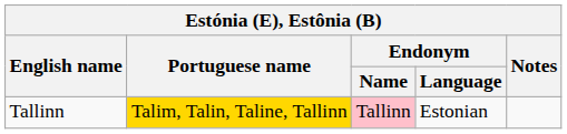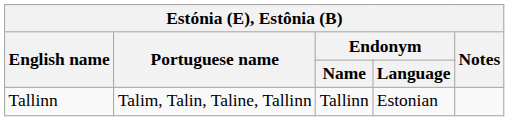 <table class="wikitable sortable">
 <tr>
 <th colspan="5"> Estónia (E), Estônia (B)</th>
 </tr>
 <tr>
 <th rowspan="2">English name</th>
 <th rowspan="2">Portuguese name</th>
 <th colspan="2">Endonym</th>
 <th rowspan="2">Notes</th>
 </tr>
 <tr>
 <th>Name</th>
 <th>Language</th>
 </tr>
 <tr>
 <td>Tallinn</td>
-<td style="background: gold;">Talim, Talin, Taline, Tallinn</td>
-<td style="background: pink;">Tallinn</td>
+<td>Talim, Talin, Taline, Tallinn</td>
+<td>Tallinn</td>
 <td>Estonian</td>
 <td></td>
 </tr>
 </table>
